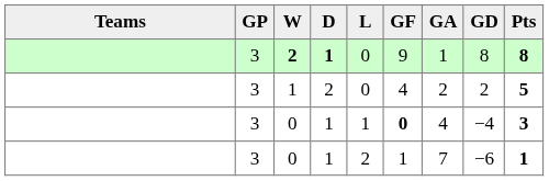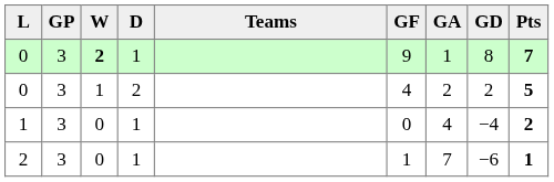 <table style=border-collapse:collapse border=1 cellspacing=0 cellpadding=5>
 <tr align=center bgcolor=#efefef>
-<th width=185>Teams</th>
+<th width=20>L</th>
 <th width=20>GP</th>
 <th width=20>W</th>
 <th width=20>D</th>
-<th width=20>L</th>
+<th width=185>Teams</th>
 <th width=20>GF</th>
 <th width=20>GA</th>
 <th width=20>GD</th>
 <th width=20>Pts</th>
 </tr>
 <tr align=center style="background:#ccffcc;">
-<td style="text-align:left;"></td>
+<td>0</td>
 <td>3</td>
 <td><strong>2</strong></td>
-<td><strong>1</strong></td>
-<td>0</td>
+<td>1</td>
+<td style="text-align:left;"></td>
 <td>9</td>
 <td>1</td>
 <td>8</td>
-<td><strong>8</strong></td>
+<td><strong>7</strong></td>
 </tr>
 <tr align=center>
-<td style="text-align:left;"></td>
+<td>0</td>
 <td>3</td>
 <td>1</td>
 <td>2</td>
-<td>0</td>
+<td style="text-align:left;"></td>
 <td>4</td>
 <td>2</td>
 <td>2</td>
 <td><strong>5</strong></td>
 </tr>
 <tr align=center>
-<td style="text-align:left;"></td>
+<td>1</td>
 <td>3</td>
 <td>0</td>
 <td>1</td>
-<td>1</td>
-<td><strong>0</strong></td>
+<td style="text-align:left;"></td>
+<td>0</td>
 <td>4</td>
 <td>−4</td>
-<td><strong>3</strong></td>
+<td><strong>2</strong></td>
 </tr>
 <tr align=center>
-<td style="text-align:left;"></td>
+<td>2</td>
 <td>3</td>
 <td>0</td>
 <td>1</td>
-<td>2</td>
+<td style="text-align:left;"></td>
 <td>1</td>
 <td>7</td>
 <td>−6</td>
 <td><strong>1</strong></td>
 </tr>
 </table>
